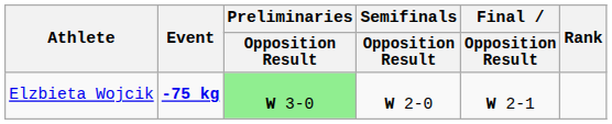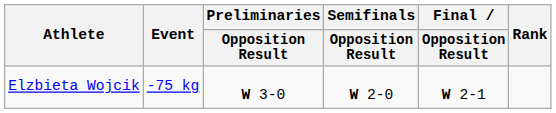 <table class="wikitable" style="font-size:90%;">
 <tr>
 <th rowspan=2>Athlete</th>
 <th rowspan=2>Event</th>
 <th>Preliminaries</th>
 <th>Semifinals</th>
 <th>Final / </th>
 <th rowspan=2>Rank</th>
 </tr>
 <tr style="font-size:95%">
 <th>Opposition<br>Result</th>
 <th>Opposition<br>Result</th>
 <th>Opposition<br>Result</th>
 </tr>
 <tr align=center>
 <td align=left><a href='#'>Elzbieta Wojcik</a></td>
-<td align=left><strong><a href='#'>-75 kg</a></strong></td>
-<td style="background: lightgreen;"><br><strong>W</strong> 3-0</td>
+<td align=left><a href='#'>-75 kg</a></td>
+<td><br><strong>W</strong> 3-0</td>
 <td><br><strong>W</strong> 2-0</td>
 <td><br><strong>W</strong> 2-1</td>
 <td></td>
 </tr>
 </table>
